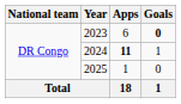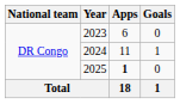 <table class=wikitable style=text-align:center>
 <tr>
 <th>National team</th>
 <th>Year</th>
 <th>Apps</th>
 <th>Goals</th>
 </tr>
 <tr>
 <td rowspan="3"><a href='#'>DR Congo</a></td>
 <td>2023</td>
 <td>6</td>
-<td><strong>0</strong></td>
+<td>0</td>
 </tr>
 <tr>
 <td>2024</td>
-<td><strong>11</strong></td>
+<td>11</td>
 <td>1</td>
 </tr>
 <tr>
 <td>2025</td>
-<td>1</td>
+<td><strong>1</strong></td>
 <td>0</td>
 </tr>
 <tr>
 <th colspan="2">Total</th>
 <th>18</th>
 <th>1</th>
 </tr>
 </table>
